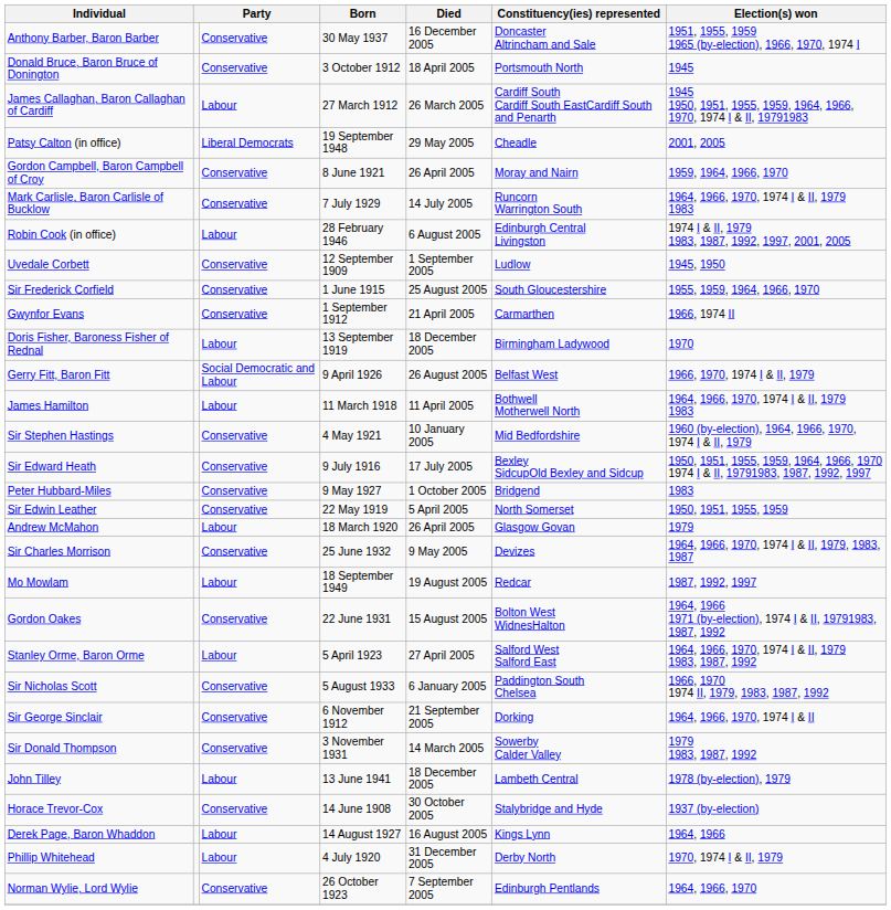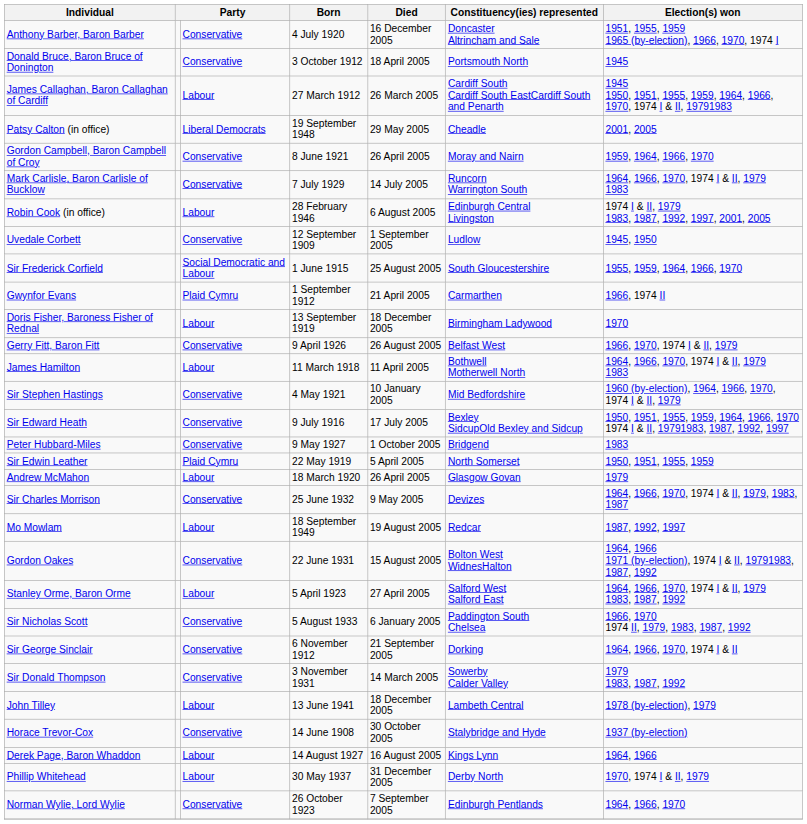 <table class="wikitable sortable">
 <tr>
 <th width="260px">Individual</th>
 <th colspan="2">Party</th>
 <th>Born</th>
 <th>Died</th>
 <th>Constituency(ies) represented</th>
 <th>Election(s) won</th>
 </tr>
 <tr>
 <td><a href='#'>Anthony Barber, Baron Barber</a></td>
 <td style="background-color: "></td>
 <td><a href='#'>Conservative</a></td>
-<td>30 May 1937</td>
+<td>4 July 1920</td>
 <td>16 December 2005</td>
 <td><a href='#'>Doncaster</a><br><a href='#'>Altrincham and Sale</a></td>
 <td><a href='#'>1951</a>, <a href='#'>1955</a>, <a href='#'>1959</a><br><a href='#'>1965 (by-election)</a>, <a href='#'>1966</a>, <a href='#'>1970</a>, 1974 <a href='#'>I</a></td>
 </tr>
 <tr>
 <td><a href='#'>Donald Bruce, Baron Bruce of Donington</a></td>
 <td style="background-color: "></td>
 <td><a href='#'>Conservative</a></td>
 <td>3 October 1912</td>
 <td>18 April 2005</td>
 <td><a href='#'>Portsmouth North</a></td>
 <td><a href='#'>1945</a></td>
 </tr>
 <tr>
 <td><a href='#'>James Callaghan, Baron Callaghan of Cardiff</a></td>
 <td style="background-color: "></td>
 <td><a href='#'>Labour</a></td>
 <td>27 March 1912</td>
 <td>26 March 2005</td>
 <td><a href='#'>Cardiff South</a><br><a href='#'>Cardiff South East</a><a href='#'>Cardiff South and Penarth</a></td>
 <td><a href='#'>1945</a><br><a href='#'>1950</a>, <a href='#'>1951</a>, <a href='#'>1955</a>, <a href='#'>1959</a>, <a href='#'>1964</a>, <a href='#'>1966</a>, <a href='#'>1970</a>, 1974 <a href='#'>I</a> & <a href='#'>II</a>, <a href='#'>1979</a><a href='#'>1983</a></td>
 </tr>
 <tr>
 <td><a href='#'>Patsy Calton</a> (in office)</td>
 <td style="background-color: "></td>
 <td><a href='#'>Liberal Democrats</a></td>
 <td>19 September 1948</td>
 <td>29 May 2005</td>
 <td><a href='#'>Cheadle</a></td>
 <td><a href='#'>2001</a>, <a href='#'>2005</a></td>
 </tr>
 <tr>
 <td><a href='#'>Gordon Campbell, Baron Campbell of Croy</a></td>
 <td style="background-color: "></td>
 <td><a href='#'>Conservative</a></td>
 <td>8 June 1921</td>
 <td>26 April 2005</td>
 <td><a href='#'>Moray and Nairn</a></td>
 <td><a href='#'>1959</a>, <a href='#'>1964</a>, <a href='#'>1966</a>, <a href='#'>1970</a></td>
 </tr>
 <tr>
 <td><a href='#'>Mark Carlisle, Baron Carlisle of Bucklow</a></td>
 <td style="background-color: "></td>
 <td><a href='#'>Conservative</a></td>
 <td>7 July 1929</td>
 <td>14 July 2005</td>
 <td><a href='#'>Runcorn</a><br><a href='#'>Warrington South</a></td>
 <td><a href='#'>1964</a>, <a href='#'>1966</a>, <a href='#'>1970</a>, 1974 <a href='#'>I</a> & <a href='#'>II</a>, <a href='#'>1979</a><br><a href='#'>1983</a></td>
 </tr>
 <tr>
 <td><a href='#'>Robin Cook</a> (in office)</td>
 <td style="background-color: "></td>
 <td><a href='#'>Labour</a></td>
 <td>28 February 1946</td>
 <td>6 August 2005</td>
 <td><a href='#'>Edinburgh Central</a><br><a href='#'>Livingston</a></td>
 <td>1974 <a href='#'>I</a> & <a href='#'>II</a>, <a href='#'>1979</a><br><a href='#'>1983</a>, <a href='#'>1987</a>, <a href='#'>1992</a>, <a href='#'>1997</a>, <a href='#'>2001</a>, <a href='#'>2005</a></td>
 </tr>
 <tr>
 <td><a href='#'>Uvedale Corbett</a></td>
 <td style="background-color: "></td>
 <td><a href='#'>Conservative</a></td>
 <td>12 September 1909</td>
 <td>1 September 2005</td>
 <td><a href='#'>Ludlow</a></td>
 <td><a href='#'>1945</a>, <a href='#'>1950</a></td>
 </tr>
 <tr>
 <td><a href='#'>Sir Frederick Corfield</a></td>
 <td style="background-color: "></td>
-<td><a href='#'>Conservative</a></td>
+<td><a href='#'>Social Democratic and Labour</a></td>
 <td>1 June 1915</td>
 <td>25 August 2005</td>
 <td><a href='#'>South Gloucestershire</a></td>
 <td><a href='#'>1955</a>, <a href='#'>1959</a>, <a href='#'>1964</a>, <a href='#'>1966</a>, <a href='#'>1970</a></td>
 </tr>
 <tr>
 <td><a href='#'>Gwynfor Evans</a></td>
 <td style="background-color: "></td>
-<td><a href='#'>Conservative</a></td>
+<td><a href='#'>Plaid Cymru</a></td>
 <td>1 September 1912</td>
 <td>21 April 2005</td>
 <td><a href='#'>Carmarthen</a></td>
 <td><a href='#'>1966</a>, 1974 <a href='#'>II</a></td>
 </tr>
 <tr>
 <td><a href='#'>Doris Fisher, Baroness Fisher of Rednal</a></td>
 <td style="background-color: "></td>
 <td><a href='#'>Labour</a></td>
 <td>13 September 1919</td>
 <td>18 December 2005</td>
 <td><a href='#'>Birmingham Ladywood</a></td>
 <td><a href='#'>1970</a></td>
 </tr>
 <tr>
 <td><a href='#'>Gerry Fitt, Baron Fitt</a></td>
 <td style="background-color: "></td>
-<td><a href='#'>Social Democratic and Labour</a></td>
+<td><a href='#'>Conservative</a></td>
 <td>9 April 1926</td>
 <td>26 August 2005</td>
 <td><a href='#'>Belfast West</a></td>
 <td><a href='#'>1966</a>, <a href='#'>1970</a>, 1974 <a href='#'>I</a> & <a href='#'>II</a>, <a href='#'>1979</a></td>
 </tr>
 <tr>
 <td><a href='#'>James Hamilton</a></td>
 <td style="background-color: "></td>
 <td><a href='#'>Labour</a></td>
 <td>11 March 1918</td>
 <td>11 April 2005</td>
 <td><a href='#'>Bothwell</a><br><a href='#'>Motherwell North</a></td>
 <td><a href='#'>1964</a>, <a href='#'>1966</a>, <a href='#'>1970</a>, 1974 <a href='#'>I</a> & <a href='#'>II</a>, <a href='#'>1979</a><br><a href='#'>1983</a></td>
 </tr>
 <tr>
 <td><a href='#'>Sir Stephen Hastings</a></td>
 <td style="background-color: "></td>
 <td><a href='#'>Conservative</a></td>
 <td>4 May 1921</td>
 <td>10 January 2005</td>
 <td><a href='#'>Mid Bedfordshire</a></td>
 <td><a href='#'>1960 (by-election)</a>, <a href='#'>1964</a>, <a href='#'>1966</a>, <a href='#'>1970</a>, 1974 <a href='#'>I</a> & <a href='#'>II</a>, <a href='#'>1979</a></td>
 </tr>
 <tr>
 <td><a href='#'>Sir Edward Heath</a></td>
 <td style="background-color: "></td>
 <td><a href='#'>Conservative</a></td>
 <td>9 July 1916</td>
 <td>17 July 2005</td>
 <td><a href='#'>Bexley</a><br><a href='#'>Sidcup</a><a href='#'>Old Bexley and Sidcup</a></td>
 <td><a href='#'>1950</a>, <a href='#'>1951</a>, <a href='#'>1955</a>, <a href='#'>1959</a>, <a href='#'>1964</a>, <a href='#'>1966</a>, <a href='#'>1970</a><br>1974 <a href='#'>I</a> & <a href='#'>II</a>, <a href='#'>1979</a><a href='#'>1983</a>, <a href='#'>1987</a>, <a href='#'>1992</a>, <a href='#'>1997</a></td>
 </tr>
 <tr>
 <td><a href='#'>Peter Hubbard-Miles</a></td>
 <td style="background-color: "></td>
 <td><a href='#'>Conservative</a></td>
 <td>9 May 1927</td>
 <td>1 October 2005</td>
 <td><a href='#'>Bridgend</a></td>
 <td><a href='#'>1983</a></td>
 </tr>
 <tr>
 <td><a href='#'>Sir Edwin Leather</a></td>
 <td style="background-color: "></td>
-<td><a href='#'>Conservative</a></td>
+<td><a href='#'>Plaid Cymru</a></td>
 <td>22 May 1919</td>
 <td>5 April 2005</td>
 <td><a href='#'>North Somerset</a></td>
 <td><a href='#'>1950</a>, <a href='#'>1951</a>, <a href='#'>1955</a>, <a href='#'>1959</a></td>
 </tr>
 <tr>
 <td><a href='#'>Andrew McMahon</a></td>
 <td style="background-color: "></td>
 <td><a href='#'>Labour</a></td>
 <td>18 March 1920</td>
 <td>26 April 2005</td>
 <td><a href='#'>Glasgow Govan</a></td>
 <td><a href='#'>1979</a></td>
 </tr>
 <tr>
 <td><a href='#'>Sir Charles Morrison</a></td>
 <td style="background-color: "></td>
 <td><a href='#'>Conservative</a></td>
 <td>25 June 1932</td>
 <td>9 May 2005</td>
 <td><a href='#'>Devizes</a></td>
 <td><a href='#'>1964</a>, <a href='#'>1966</a>, <a href='#'>1970</a>, 1974 <a href='#'>I</a> & <a href='#'>II</a>, <a href='#'>1979</a>, <a href='#'>1983</a>, <a href='#'>1987</a></td>
 </tr>
 <tr>
 <td><a href='#'>Mo Mowlam</a></td>
 <td style="background-color: "></td>
 <td><a href='#'>Labour</a></td>
 <td>18 September 1949</td>
 <td>19 August 2005</td>
 <td><a href='#'>Redcar</a></td>
 <td><a href='#'>1987</a>, <a href='#'>1992</a>, <a href='#'>1997</a></td>
 </tr>
 <tr>
 <td><a href='#'>Gordon Oakes</a></td>
 <td style="background-color: "></td>
 <td><a href='#'>Conservative</a></td>
 <td>22 June 1931</td>
 <td>15 August 2005</td>
 <td><a href='#'>Bolton West</a><br><a href='#'>Widnes</a><a href='#'>Halton</a></td>
 <td><a href='#'>1964</a>, <a href='#'>1966</a><br><a href='#'>1971 (by-election)</a>, 1974 <a href='#'>I</a> & <a href='#'>II</a>, <a href='#'>1979</a><a href='#'>1983</a>, <a href='#'>1987</a>, <a href='#'>1992</a></td>
 </tr>
 <tr>
 <td><a href='#'>Stanley Orme, Baron Orme</a></td>
 <td style="background-color: "></td>
 <td><a href='#'>Labour</a></td>
 <td>5 April 1923</td>
 <td>27 April 2005</td>
 <td><a href='#'>Salford West</a><br><a href='#'>Salford East</a></td>
 <td><a href='#'>1964</a>, <a href='#'>1966</a>, <a href='#'>1970</a>, 1974 <a href='#'>I</a> & <a href='#'>II</a>, <a href='#'>1979</a><br><a href='#'>1983</a>, <a href='#'>1987</a>, <a href='#'>1992</a></td>
 </tr>
 <tr>
 <td><a href='#'>Sir Nicholas Scott</a></td>
 <td style="background-color: "></td>
 <td><a href='#'>Conservative</a></td>
 <td>5 August 1933</td>
 <td>6 January 2005</td>
 <td><a href='#'>Paddington South</a><br><a href='#'>Chelsea</a></td>
 <td><a href='#'>1966</a>, <a href='#'>1970</a><br>1974 <a href='#'>II</a>, <a href='#'>1979</a>, <a href='#'>1983</a>, <a href='#'>1987</a>, <a href='#'>1992</a></td>
 </tr>
 <tr>
 <td><a href='#'>Sir George Sinclair</a></td>
 <td style="background-color: "></td>
 <td><a href='#'>Conservative</a></td>
 <td>6 November 1912</td>
 <td>21 September 2005</td>
 <td><a href='#'>Dorking</a></td>
 <td><a href='#'>1964</a>, <a href='#'>1966</a>, <a href='#'>1970</a>, 1974 <a href='#'>I</a> & <a href='#'>II</a></td>
 </tr>
 <tr>
 <td><a href='#'>Sir Donald Thompson</a></td>
 <td style="background-color: "></td>
 <td><a href='#'>Conservative</a></td>
 <td>3 November 1931</td>
 <td>14 March 2005</td>
 <td><a href='#'>Sowerby</a><br><a href='#'>Calder Valley</a></td>
 <td><a href='#'>1979</a><br><a href='#'>1983</a>, <a href='#'>1987</a>, <a href='#'>1992</a></td>
 </tr>
 <tr>
 <td><a href='#'>John Tilley</a></td>
 <td style="background-color: "></td>
 <td><a href='#'>Labour</a></td>
 <td>13 June 1941</td>
 <td>18 December 2005</td>
 <td><a href='#'>Lambeth Central</a></td>
 <td><a href='#'>1978 (by-election)</a>, <a href='#'>1979</a></td>
 </tr>
 <tr>
 <td><a href='#'>Horace Trevor-Cox</a></td>
 <td style="background-color: "></td>
 <td><a href='#'>Conservative</a></td>
 <td>14 June 1908</td>
 <td>30 October 2005</td>
 <td><a href='#'>Stalybridge and Hyde</a></td>
 <td><a href='#'>1937 (by-election)</a></td>
 </tr>
 <tr>
 <td><a href='#'>Derek Page, Baron Whaddon</a></td>
 <td style="background-color: "></td>
 <td><a href='#'>Labour</a></td>
 <td>14 August 1927</td>
 <td>16 August 2005</td>
 <td><a href='#'>Kings Lynn</a></td>
 <td><a href='#'>1964</a>, <a href='#'>1966</a></td>
 </tr>
 <tr>
 <td><a href='#'>Phillip Whitehead</a></td>
 <td style="background-color: "></td>
 <td><a href='#'>Labour</a></td>
-<td>4 July 1920</td>
+<td>30 May 1937</td>
 <td>31 December 2005</td>
 <td><a href='#'>Derby North</a></td>
 <td><a href='#'>1970</a>, 1974 <a href='#'>I</a> & <a href='#'>II</a>, <a href='#'>1979</a></td>
 </tr>
 <tr>
 <td><a href='#'>Norman Wylie, Lord Wylie</a></td>
 <td style="background-color: "></td>
 <td><a href='#'>Conservative</a></td>
 <td>26 October 1923</td>
 <td>7 September 2005</td>
 <td><a href='#'>Edinburgh Pentlands</a></td>
 <td><a href='#'>1964</a>, <a href='#'>1966</a>, <a href='#'>1970</a></td>
 </tr>
 <tr>
 </tr>
 </table>
